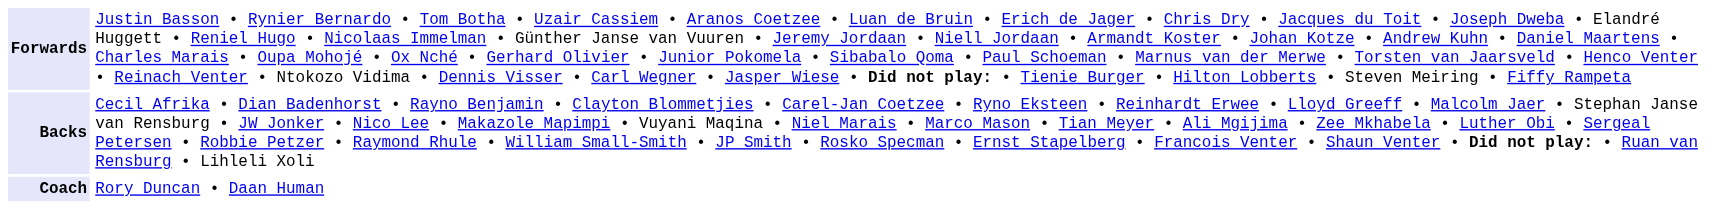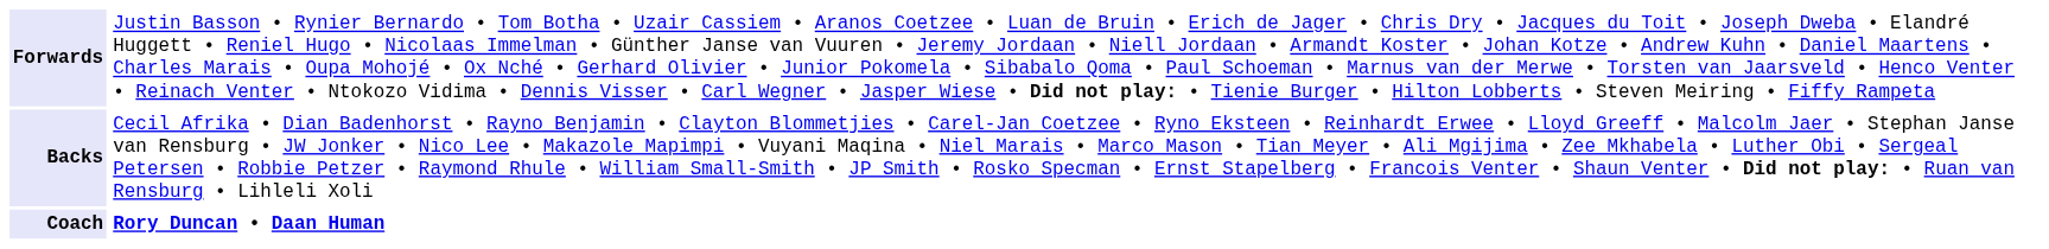 <table cellpadding="2" style="border: 1px solid white; font-size:90%;">
 <tr>
 <td style="text-align:right;" bgcolor="lavender"><strong>Forwards</strong></td>
 <td style="text-align:left;"><a href='#'>Justin Basson</a> • <a href='#'>Rynier Bernardo</a> • <a href='#'>Tom Botha</a> • <a href='#'>Uzair Cassiem</a> • <a href='#'>Aranos Coetzee</a> • <a href='#'>Luan de Bruin</a> • <a href='#'>Erich de Jager</a> • <a href='#'>Chris Dry</a> • <a href='#'>Jacques du Toit</a> • <a href='#'>Joseph Dweba</a> • Elandré Huggett • <a href='#'>Reniel Hugo</a> • <a href='#'>Nicolaas Immelman</a> • Günther Janse van Vuuren • <a href='#'>Jeremy Jordaan</a> • <a href='#'>Niell Jordaan</a> • <a href='#'>Armandt Koster</a> • <a href='#'>Johan Kotze</a> • <a href='#'>Andrew Kuhn</a> • <a href='#'>Daniel Maartens</a> • <a href='#'>Charles Marais</a> • <a href='#'>Oupa Mohojé</a> • <a href='#'>Ox Nché</a> • <a href='#'>Gerhard Olivier</a> • <a href='#'>Junior Pokomela</a> • <a href='#'>Sibabalo Qoma</a> • <a href='#'>Paul Schoeman</a> • <a href='#'>Marnus van der Merwe</a> • <a href='#'>Torsten van Jaarsveld</a> • <a href='#'>Henco Venter</a> • <a href='#'>Reinach Venter</a> • Ntokozo Vidima • <a href='#'>Dennis Visser</a> • <a href='#'>Carl Wegner</a> • <a href='#'>Jasper Wiese</a> • <strong>Did not play:</strong> • <a href='#'>Tienie Burger</a> • <a href='#'>Hilton Lobberts</a> • Steven Meiring • <a href='#'>Fiffy Rampeta</a></td>
 </tr>
 <tr>
 <td style="text-align:right;" bgcolor="lavender"><strong>Backs</strong></td>
 <td style="text-align:left;"><a href='#'>Cecil Afrika</a> • <a href='#'>Dian Badenhorst</a> • <a href='#'>Rayno Benjamin</a> • <a href='#'>Clayton Blommetjies</a> • <a href='#'>Carel-Jan Coetzee</a> • <a href='#'>Ryno Eksteen</a> • <a href='#'>Reinhardt Erwee</a> • <a href='#'>Lloyd Greeff</a> • <a href='#'>Malcolm Jaer</a> • Stephan Janse van Rensburg • <a href='#'>JW Jonker</a> • <a href='#'>Nico Lee</a> • <a href='#'>Makazole Mapimpi</a> • Vuyani Maqina • <a href='#'>Niel Marais</a> • <a href='#'>Marco Mason</a> • <a href='#'>Tian Meyer</a> • <a href='#'>Ali Mgijima</a> • <a href='#'>Zee Mkhabela</a> • <a href='#'>Luther Obi</a> • <a href='#'>Sergeal Petersen</a> • <a href='#'>Robbie Petzer</a> • <a href='#'>Raymond Rhule</a> • <a href='#'>William Small-Smith</a> • <a href='#'>JP Smith</a> • <a href='#'>Rosko Specman</a> • <a href='#'>Ernst Stapelberg</a> • <a href='#'>Francois Venter</a> • <a href='#'>Shaun Venter</a> • <strong>Did not play:</strong> • <a href='#'>Ruan van Rensburg</a> • Lihleli Xoli</td>
 </tr>
 <tr>
 <td style="text-align:right;" bgcolor="lavender"><strong>Coach</strong></td>
-<td style="text-align:left;"><a href='#'>Rory Duncan</a> • <a href='#'>Daan Human</a></td>
+<td style="text-align:left;"><strong><a href='#'>Rory Duncan</a> • <a href='#'>Daan Human</a></strong></td>
 </tr>
 </table>
